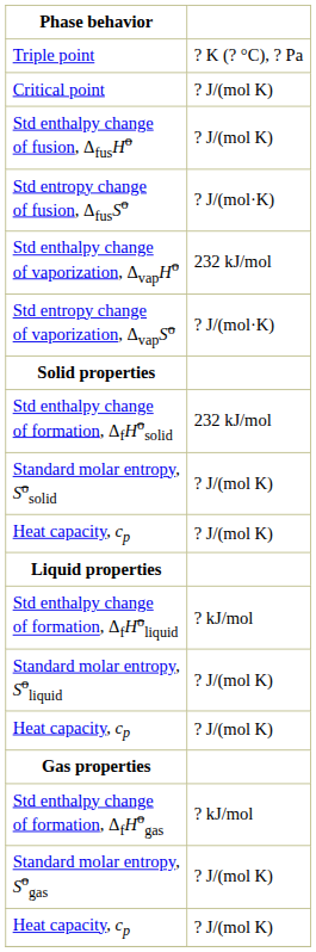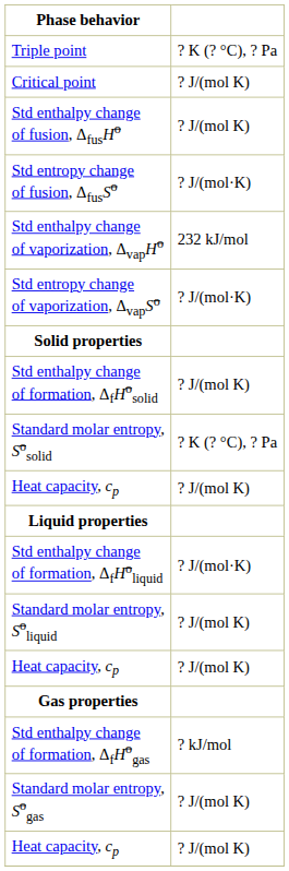 <table border="1" cellspacing="0" cellpadding="6" style="margin: 0 0 0 0.5em; background: #FFFFFF; border-collapse: collapse; border-color: #C0C090;">
 <tr>
 <th>Phase behavior</th>
 </tr>
 <tr>
 <td><a href='#'>Triple point</a></td>
 <td>? K (? °C), ? Pa</td>
 </tr>
 <tr>
 <td><a href='#'>Critical point</a></td>
 <td>? J/(mol K)</td>
 </tr>
 <tr>
 <td><a href='#'>Std enthalpy change<br>of fusion</a>, Δ<sub>fus</sub><em>H</em><sup><s>o</s></sup></td>
 <td>? J/(mol K)</td>
 </tr>
 <tr>
 <td><a href='#'>Std entropy change<br>of fusion</a>, Δ<sub>fus</sub><em>S</em><sup><s>o</s></sup></td>
 <td>? J/(mol·K)</td>
 </tr>
 <tr>
 <td><a href='#'>Std enthalpy change<br>of vaporization</a>, Δ<sub>vap</sub><em>H</em><sup><s>o</s></sup></td>
 <td>232 kJ/mol </td>
 </tr>
 <tr>
 <td><a href='#'>Std entropy change<br>of vaporization</a>, Δ<sub>vap</sub><em>S</em><sup><s>o</s></sup></td>
 <td>? J/(mol·K)</td>
 </tr>
 <tr>
 <th>Solid properties</th>
 </tr>
 <tr>
 <td><a href='#'>Std enthalpy change<br>of formation</a>, Δ<sub>f</sub><em>H</em><sup><s>o</s></sup><sub>solid</sub></td>
-<td>232 kJ/mol </td>
+<td>? J/(mol K)</td>
 </tr>
 <tr>
 <td><a href='#'>Standard molar entropy</a>,<br><em>S</em><sup><s>o</s></sup><sub>solid</sub></td>
-<td>? J/(mol K)</td>
+<td>? K (? °C), ? Pa</td>
 </tr>
 <tr>
 <td><a href='#'>Heat capacity</a>, <em>c<sub>p</sub></em></td>
 <td>? J/(mol K)</td>
 </tr>
 <tr>
 <th>Liquid properties</th>
 </tr>
 <tr>
 <td><a href='#'>Std enthalpy change<br>of formation</a>, Δ<sub>f</sub><em>H</em><sup><s>o</s></sup><sub>liquid</sub></td>
-<td>? kJ/mol</td>
+<td>? J/(mol·K)</td>
 </tr>
 <tr>
 <td><a href='#'>Standard molar entropy</a>,<br><em>S</em><sup><s>o</s></sup><sub>liquid</sub></td>
 <td>? J/(mol K)</td>
 </tr>
 <tr>
 <td><a href='#'>Heat capacity</a>, <em>c<sub>p</sub></em></td>
 <td>? J/(mol K)</td>
 </tr>
 <tr>
 <th>Gas properties</th>
 </tr>
 <tr>
 <td><a href='#'>Std enthalpy change<br>of formation</a>, Δ<sub>f</sub><em>H</em><sup><s>o</s></sup><sub>gas</sub></td>
 <td>? kJ/mol</td>
 </tr>
 <tr>
 <td><a href='#'>Standard molar entropy</a>,<br><em>S</em><sup><s>o</s></sup><sub>gas</sub></td>
 <td>? J/(mol K)</td>
 </tr>
 <tr>
 <td><a href='#'>Heat capacity</a>, <em>c<sub>p</sub></em></td>
 <td>? J/(mol K)</td>
 </tr>
 <tr>
 </tr>
 </table>
